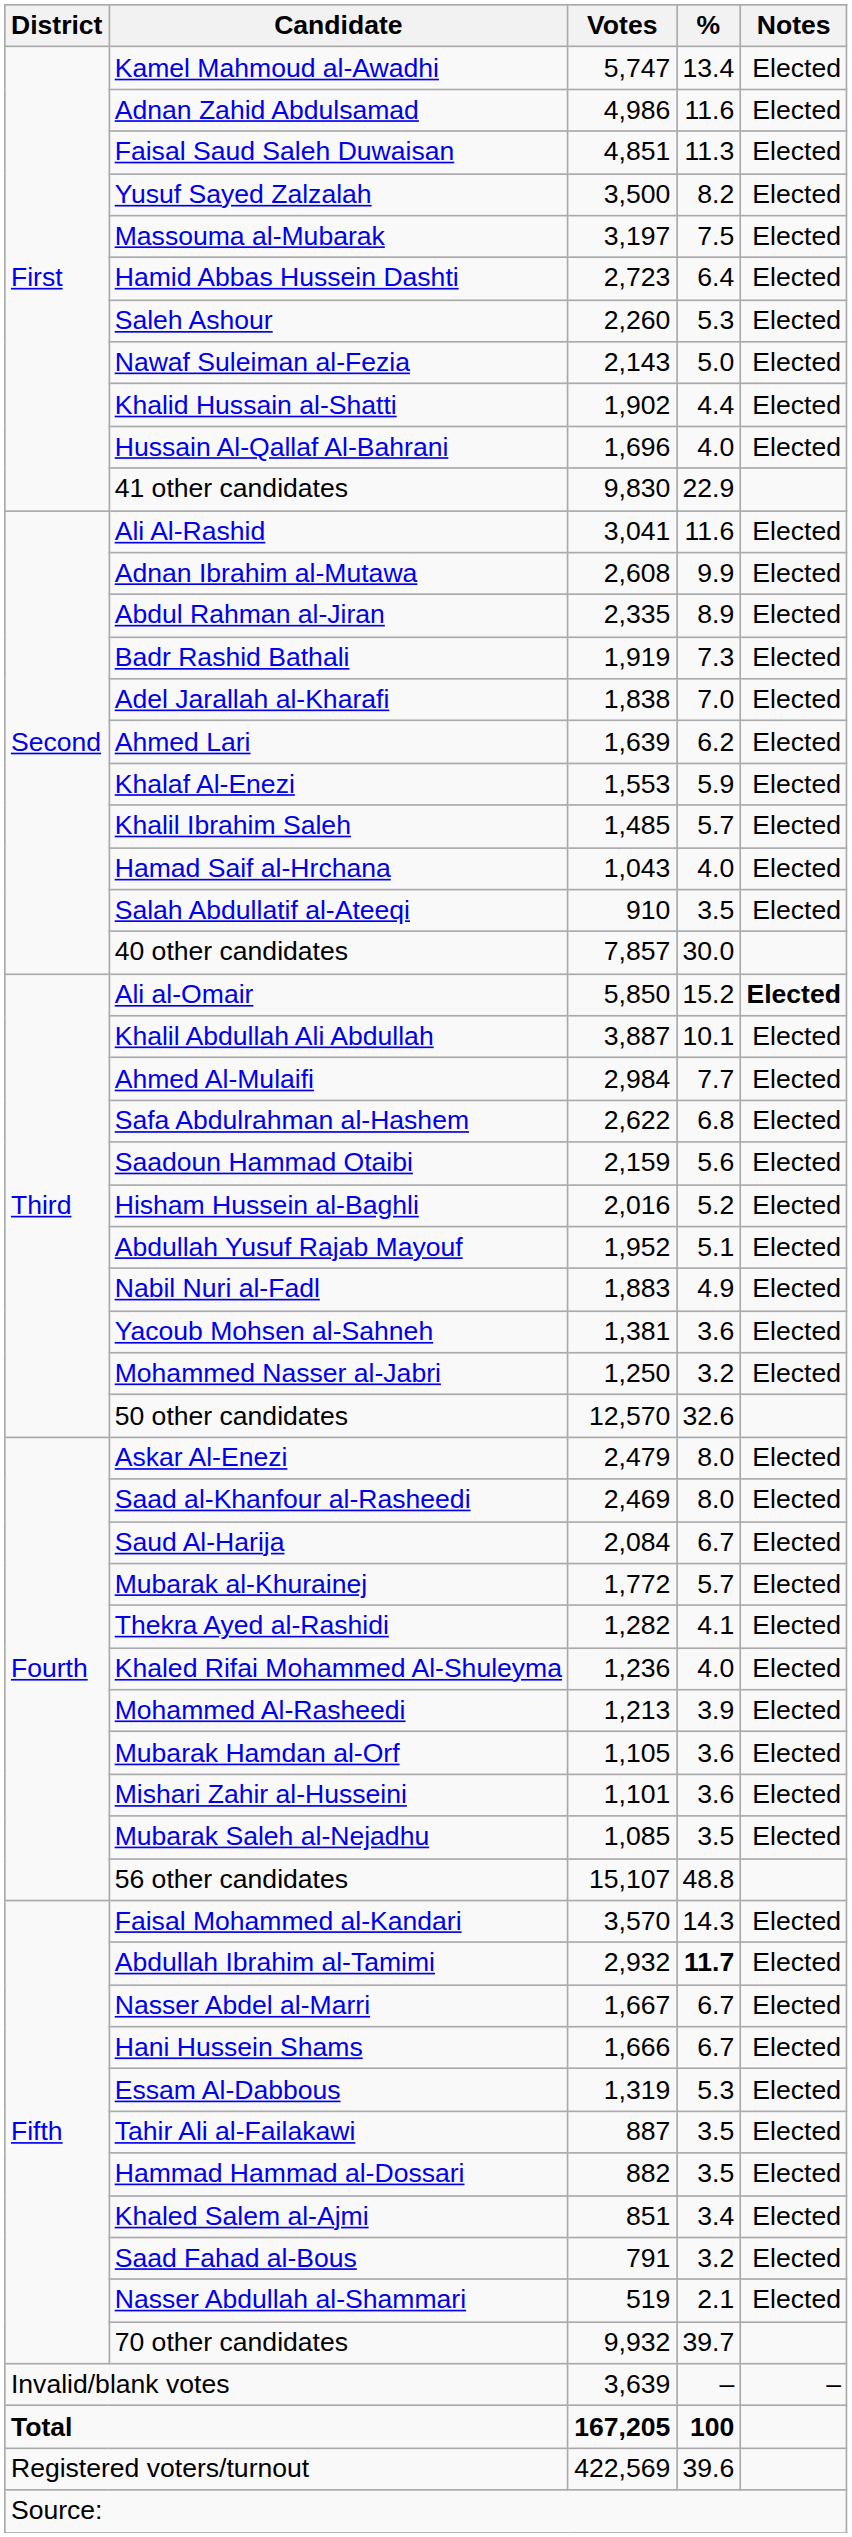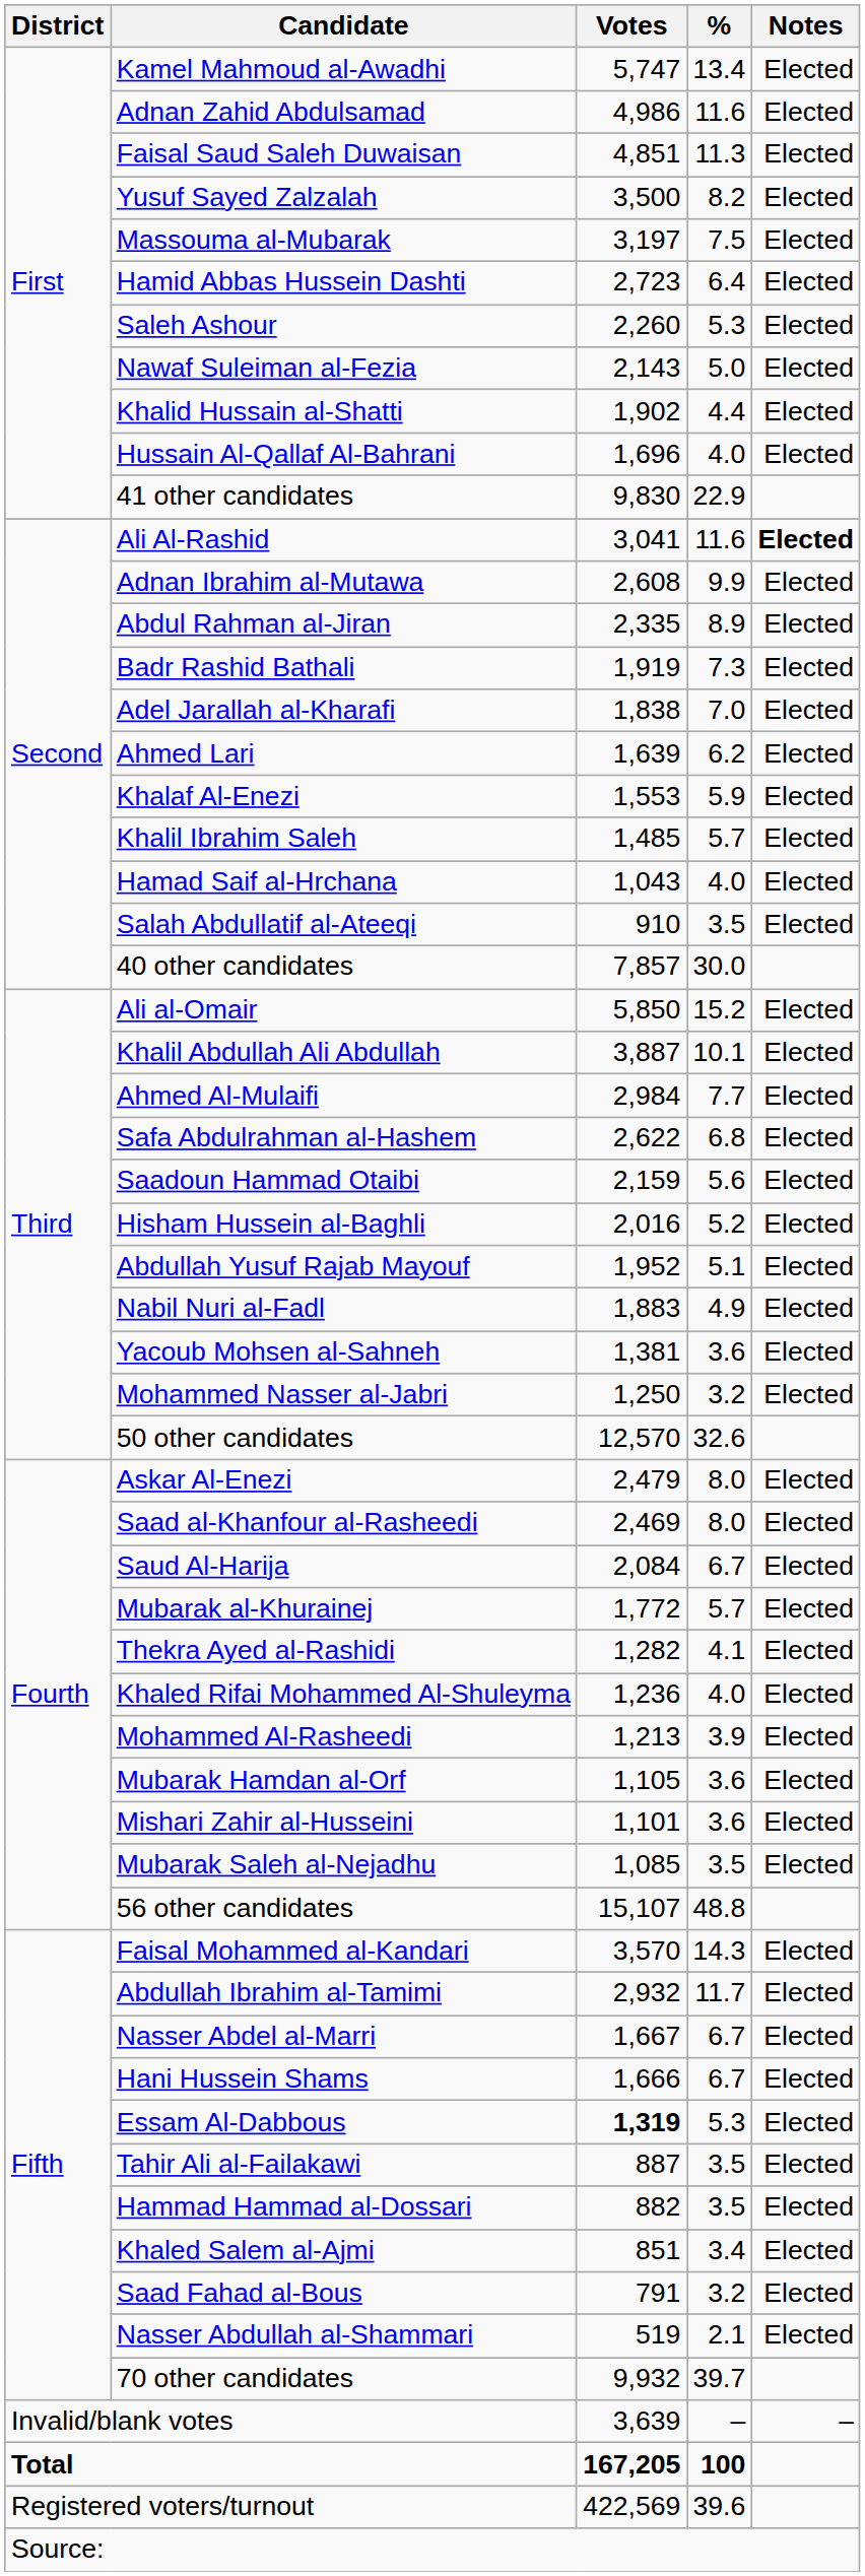 <table class=wikitable style=text-align:right>
 <tr>
 <th>District</th>
 <th>Candidate</th>
 <th>Votes</th>
 <th>%</th>
 <th>Notes</th>
 </tr>
 <tr>
 <td align=left rowspan=11><a href='#'>First</a></td>
 <td align=left><a href='#'>Kamel Mahmoud al-Awadhi</a></td>
 <td>5,747</td>
 <td>13.4</td>
 <td>Elected</td>
 </tr>
 <tr>
 <td align=left><a href='#'>Adnan Zahid Abdulsamad</a></td>
 <td>4,986</td>
 <td>11.6</td>
 <td>Elected</td>
 </tr>
 <tr>
 <td align=left><a href='#'>Faisal Saud Saleh Duwaisan</a></td>
 <td>4,851</td>
 <td>11.3</td>
 <td>Elected</td>
 </tr>
 <tr>
 <td align=left><a href='#'>Yusuf Sayed Zalzalah</a></td>
 <td>3,500</td>
 <td>8.2</td>
 <td>Elected</td>
 </tr>
 <tr>
 <td align=left><a href='#'>Massouma al-Mubarak</a></td>
 <td>3,197</td>
 <td>7.5</td>
 <td>Elected</td>
 </tr>
 <tr>
 <td align=left><a href='#'>Hamid Abbas Hussein Dashti</a></td>
 <td>2,723</td>
 <td>6.4</td>
 <td>Elected</td>
 </tr>
 <tr>
 <td align=left><a href='#'>Saleh Ashour</a></td>
 <td>2,260</td>
 <td>5.3</td>
 <td>Elected</td>
 </tr>
 <tr>
 <td align=left><a href='#'>Nawaf Suleiman al-Fezia</a></td>
 <td>2,143</td>
 <td>5.0</td>
 <td>Elected</td>
 </tr>
 <tr>
 <td align=left><a href='#'>Khalid Hussain al-Shatti</a></td>
 <td>1,902</td>
 <td>4.4</td>
 <td>Elected</td>
 </tr>
 <tr>
 <td align=left><a href='#'>Hussain Al-Qallaf Al-Bahrani</a></td>
 <td>1,696</td>
 <td>4.0</td>
 <td>Elected</td>
 </tr>
 <tr>
 <td align=left>41 other candidates</td>
 <td>9,830</td>
 <td>22.9</td>
 <td></td>
 </tr>
 <tr>
 <td align=left rowspan=11><a href='#'>Second</a></td>
 <td align=left><a href='#'>Ali Al-Rashid</a></td>
 <td>3,041</td>
 <td>11.6</td>
-<td>Elected</td>
+<td><strong>Elected</strong></td>
 </tr>
 <tr>
 <td align=left><a href='#'>Adnan Ibrahim al-Mutawa</a></td>
 <td>2,608</td>
 <td>9.9</td>
 <td>Elected</td>
 </tr>
 <tr>
 <td align=left><a href='#'>Abdul Rahman al-Jiran</a></td>
 <td>2,335</td>
 <td>8.9</td>
 <td>Elected</td>
 </tr>
 <tr>
 <td align=left><a href='#'>Badr Rashid Bathali</a></td>
 <td>1,919</td>
 <td>7.3</td>
 <td>Elected</td>
 </tr>
 <tr>
 <td align=left><a href='#'>Adel Jarallah al-Kharafi</a></td>
 <td>1,838</td>
 <td>7.0</td>
 <td>Elected</td>
 </tr>
 <tr>
 <td align=left><a href='#'>Ahmed Lari</a></td>
 <td>1,639</td>
 <td>6.2</td>
 <td>Elected</td>
 </tr>
 <tr>
 <td align=left><a href='#'>Khalaf Al-Enezi</a></td>
 <td>1,553</td>
 <td>5.9</td>
 <td>Elected</td>
 </tr>
 <tr>
 <td align=left><a href='#'>Khalil Ibrahim Saleh</a></td>
 <td>1,485</td>
 <td>5.7</td>
 <td>Elected</td>
 </tr>
 <tr>
 <td align=left><a href='#'>Hamad Saif al-Hrchana</a></td>
 <td>1,043</td>
 <td>4.0</td>
 <td>Elected</td>
 </tr>
 <tr>
 <td align=left><a href='#'>Salah Abdullatif al-Ateeqi</a></td>
 <td>910</td>
 <td>3.5</td>
 <td>Elected</td>
 </tr>
 <tr>
 <td align=left>40 other candidates</td>
 <td>7,857</td>
 <td>30.0</td>
 <td></td>
 </tr>
 <tr>
 <td align=left rowspan=11><a href='#'>Third</a></td>
 <td align=left><a href='#'>Ali al-Omair</a></td>
 <td>5,850</td>
 <td>15.2</td>
-<td><strong>Elected</strong></td>
+<td>Elected</td>
 </tr>
 <tr>
 <td align=left><a href='#'>Khalil Abdullah Ali Abdullah</a></td>
 <td>3,887</td>
 <td>10.1</td>
 <td>Elected</td>
 </tr>
 <tr>
 <td align=left><a href='#'>Ahmed Al-Mulaifi</a></td>
 <td>2,984</td>
 <td>7.7</td>
 <td>Elected</td>
 </tr>
 <tr>
 <td align=left><a href='#'>Safa Abdulrahman al-Hashem</a></td>
 <td>2,622</td>
 <td>6.8</td>
 <td>Elected</td>
 </tr>
 <tr>
 <td align=left><a href='#'>Saadoun Hammad Otaibi</a></td>
 <td>2,159</td>
 <td>5.6</td>
 <td>Elected</td>
 </tr>
 <tr>
 <td align=left><a href='#'>Hisham Hussein al-Baghli</a></td>
 <td>2,016</td>
 <td>5.2</td>
 <td>Elected</td>
 </tr>
 <tr>
 <td align=left><a href='#'>Abdullah Yusuf Rajab Mayouf</a></td>
 <td>1,952</td>
 <td>5.1</td>
 <td>Elected</td>
 </tr>
 <tr>
 <td align=left><a href='#'>Nabil Nuri al-Fadl</a></td>
 <td>1,883</td>
 <td>4.9</td>
 <td>Elected</td>
 </tr>
 <tr>
 <td align=left><a href='#'>Yacoub Mohsen al-Sahneh</a></td>
 <td>1,381</td>
 <td>3.6</td>
 <td>Elected</td>
 </tr>
 <tr>
 <td align=left><a href='#'>Mohammed Nasser al-Jabri</a></td>
 <td>1,250</td>
 <td>3.2</td>
 <td>Elected</td>
 </tr>
 <tr>
 <td align=left>50 other candidates</td>
 <td>12,570</td>
 <td>32.6</td>
 <td></td>
 </tr>
 <tr>
 <td align=left rowspan=11><a href='#'>Fourth</a></td>
 <td align=left><a href='#'>Askar Al-Enezi</a></td>
 <td>2,479</td>
 <td>8.0</td>
 <td>Elected</td>
 </tr>
 <tr>
 <td align=left><a href='#'>Saad al-Khanfour al-Rasheedi</a></td>
 <td>2,469</td>
 <td>8.0</td>
 <td>Elected</td>
 </tr>
 <tr>
 <td align=left><a href='#'>Saud Al-Harija</a></td>
 <td>2,084</td>
 <td>6.7</td>
 <td>Elected</td>
 </tr>
 <tr>
 <td align=left><a href='#'>Mubarak al-Khurainej</a></td>
 <td>1,772</td>
 <td>5.7</td>
 <td>Elected</td>
 </tr>
 <tr>
 <td align=left><a href='#'>Thekra Ayed al-Rashidi</a></td>
 <td>1,282</td>
 <td>4.1</td>
 <td>Elected</td>
 </tr>
 <tr>
 <td align=left><a href='#'>Khaled Rifai Mohammed Al-Shuleyma</a></td>
 <td>1,236</td>
 <td>4.0</td>
 <td>Elected</td>
 </tr>
 <tr>
 <td align=left><a href='#'>Mohammed Al-Rasheedi</a></td>
 <td>1,213</td>
 <td>3.9</td>
 <td>Elected</td>
 </tr>
 <tr>
 <td align=left><a href='#'>Mubarak Hamdan al-Orf</a></td>
 <td>1,105</td>
 <td>3.6</td>
 <td>Elected</td>
 </tr>
 <tr>
 <td align=left><a href='#'>Mishari Zahir al-Husseini</a></td>
 <td>1,101</td>
 <td>3.6</td>
 <td>Elected</td>
 </tr>
 <tr>
 <td align=left><a href='#'>Mubarak Saleh al-Nejadhu</a></td>
 <td>1,085</td>
 <td>3.5</td>
 <td>Elected</td>
 </tr>
 <tr>
 <td align=left>56 other candidates</td>
 <td>15,107</td>
 <td>48.8</td>
 <td></td>
 </tr>
 <tr>
 <td align=left rowspan=11><a href='#'>Fifth</a></td>
 <td align=left><a href='#'>Faisal Mohammed al-Kandari</a></td>
 <td>3,570</td>
 <td>14.3</td>
 <td>Elected</td>
 </tr>
 <tr>
 <td align=left><a href='#'>Abdullah Ibrahim al-Tamimi</a></td>
 <td>2,932</td>
-<td><strong>11.7</strong></td>
+<td>11.7</td>
 <td>Elected</td>
 </tr>
 <tr>
 <td align=left><a href='#'>Nasser Abdel al-Marri</a></td>
 <td>1,667</td>
 <td>6.7</td>
 <td>Elected</td>
 </tr>
 <tr>
 <td align=left><a href='#'>Hani Hussein Shams</a></td>
 <td>1,666</td>
 <td>6.7</td>
 <td>Elected</td>
 </tr>
 <tr>
 <td align=left><a href='#'>Essam Al-Dabbous</a></td>
-<td>1,319</td>
+<td><strong>1,319</strong></td>
 <td>5.3</td>
 <td>Elected</td>
 </tr>
 <tr>
 <td align=left><a href='#'>Tahir Ali al-Failakawi</a></td>
 <td>887</td>
 <td>3.5</td>
 <td>Elected</td>
 </tr>
 <tr>
 <td align=left><a href='#'>Hammad Hammad al-Dossari</a></td>
 <td>882</td>
 <td>3.5</td>
 <td>Elected</td>
 </tr>
 <tr>
 <td align=left><a href='#'>Khaled Salem al-Ajmi</a></td>
 <td>851</td>
 <td>3.4</td>
 <td>Elected</td>
 </tr>
 <tr>
 <td align=left><a href='#'>Saad Fahad al-Bous</a></td>
 <td>791</td>
 <td>3.2</td>
 <td>Elected</td>
 </tr>
 <tr>
 <td align=left><a href='#'>Nasser Abdullah al-Shammari</a></td>
 <td>519</td>
 <td>2.1</td>
 <td>Elected</td>
 </tr>
 <tr>
 <td align=left>70 other candidates</td>
 <td>9,932</td>
 <td>39.7</td>
 <td></td>
 </tr>
 <tr>
 <td align=left colspan=2>Invalid/blank votes</td>
 <td>3,639</td>
 <td>–</td>
 <td>–</td>
 </tr>
 <tr>
 <td align=left colspan=2><strong>Total</strong></td>
 <td><strong>167,205</strong></td>
 <td><strong>100</strong></td>
 <td></td>
 </tr>
 <tr>
 <td align=left colspan=2>Registered voters/turnout</td>
 <td>422,569</td>
 <td>39.6</td>
 <td></td>
 </tr>
 <tr>
 <td align=left colspan=5>Source: </td>
 </tr>
 </table>
